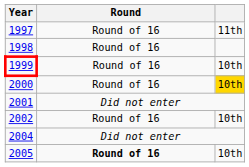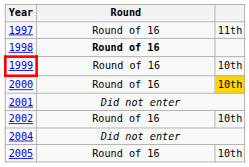 <table class="wikitable" style="text-align: center; font-size:90%">
 <tr>
 <th>Year</th>
 <th style="width:200px">Round</th>
 <th></th>
 </tr>
 <tr>
 <td><a href='#'>1997</a></td>
 <td>Round of 16</td>
 <td>11th</td>
 </tr>
 <tr>
 <td><a href='#'>1998</a></td>
-<td>Round of 16</td>
+<td><strong>Round of 16</strong></td>
 <td></td>
 </tr>
 <tr>
 <td style="border: 3px solid red"><a href='#'>1999</a></td>
 <td>Round of 16</td>
 <td>10th</td>
 </tr>
 <tr>
 <td><a href='#'>2000</a></td>
 <td>Round of 16</td>
 <td style="background: gold;">10th</td>
 </tr>
 <tr>
 <td><a href='#'>2001</a></td>
 <td colspan="2"><em>Did not enter</em></td>
 </tr>
 <tr>
 <td><a href='#'>2002</a></td>
 <td>Round of 16</td>
 <td>10th</td>
 </tr>
 <tr>
 <td><a href='#'>2004</a></td>
 <td colspan="2"><em>Did not enter</em></td>
 </tr>
 <tr>
 <td><a href='#'>2005</a></td>
-<td><strong>Round of 16</strong></td>
+<td>Round of 16</td>
 <td>10th</td>
 </tr>
 </table>
